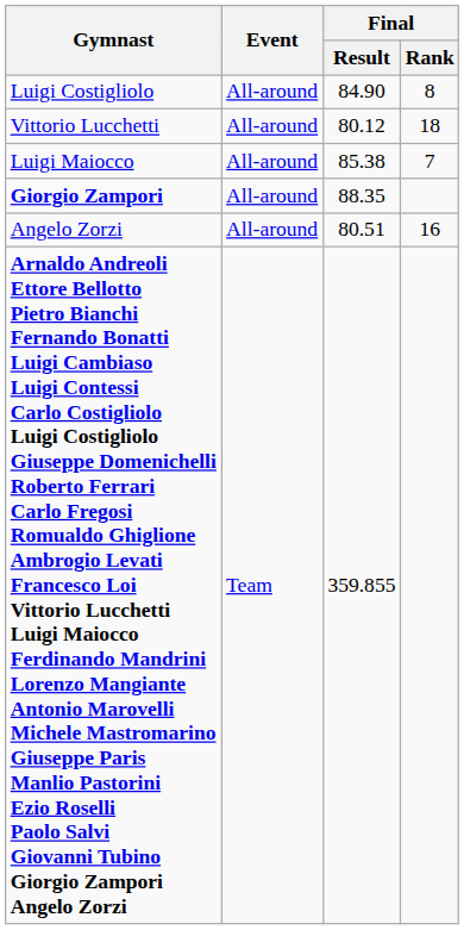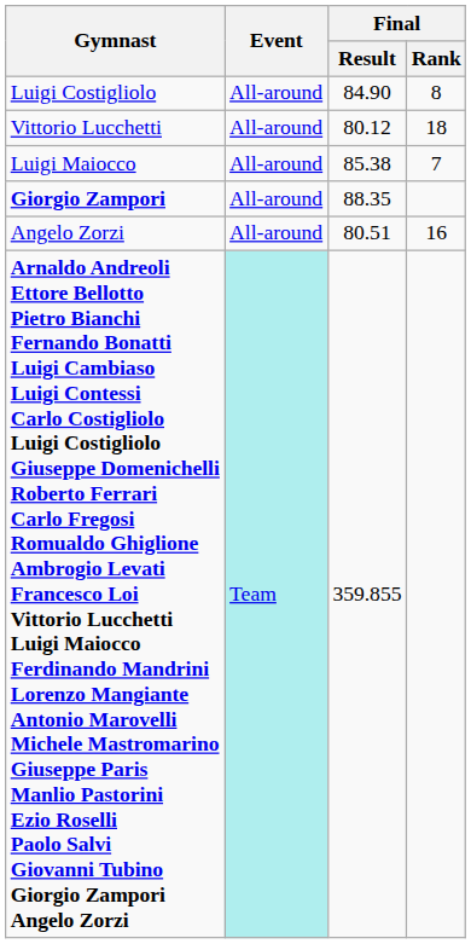 <table class=wikitable style="font-size:90%">
 <tr>
 <th rowspan=2>Gymnast</th>
 <th rowspan=2>Event</th>
 <th colspan=2>Final</th>
 </tr>
 <tr>
 <th>Result</th>
 <th>Rank</th>
 </tr>
 <tr>
 <td><a href='#'>Luigi Costigliolo</a></td>
 <td><a href='#'>All-around</a></td>
 <td align=center>84.90</td>
 <td align=center>8</td>
 </tr>
 <tr>
 <td><a href='#'>Vittorio Lucchetti</a></td>
 <td><a href='#'>All-around</a></td>
 <td align=center>80.12</td>
 <td align=center>18</td>
 </tr>
 <tr>
 <td><a href='#'>Luigi Maiocco</a></td>
 <td><a href='#'>All-around</a></td>
 <td align=center>85.38</td>
 <td align=center>7</td>
 </tr>
 <tr>
 <td><strong><a href='#'>Giorgio Zampori</a></strong></td>
 <td><a href='#'>All-around</a></td>
 <td align=center>88.35</td>
 <td align=center></td>
 </tr>
 <tr>
 <td><a href='#'>Angelo Zorzi</a></td>
 <td><a href='#'>All-around</a></td>
 <td align=center>80.51</td>
 <td align=center>16</td>
 </tr>
 <tr>
 <td><strong><a href='#'>Arnaldo Andreoli</a> <br> <a href='#'>Ettore Bellotto</a> <br> <a href='#'>Pietro Bianchi</a> <br> <a href='#'>Fernando Bonatti</a> <br> <a href='#'>Luigi Cambiaso</a> <br> <a href='#'>Luigi Contessi</a> <br> <a href='#'>Carlo Costigliolo</a> <br> Luigi Costigliolo <br> <a href='#'>Giuseppe Domenichelli</a> <br> <a href='#'>Roberto Ferrari</a> <br> <a href='#'>Carlo Fregosi</a> <br> <a href='#'>Romualdo Ghiglione</a> <br> <a href='#'>Ambrogio Levati</a> <br> <a href='#'>Francesco Loi</a> <br> Vittorio Lucchetti <br> Luigi Maiocco <br> <a href='#'>Ferdinando Mandrini</a> <br> <a href='#'>Lorenzo Mangiante</a> <br> <a href='#'>Antonio Marovelli</a> <br> <a href='#'>Michele Mastromarino</a> <br> <a href='#'>Giuseppe Paris</a> <br> <a href='#'>Manlio Pastorini</a> <br> <a href='#'>Ezio Roselli</a> <br> <a href='#'>Paolo Salvi</a> <br> <a href='#'>Giovanni Tubino</a> <br> Giorgio Zampori <br> Angelo Zorzi</strong></td>
-<td><a href='#'>Team</a></td>
+<td style="background: paleturquoise;"><a href='#'>Team</a></td>
 <td align=center>359.855</td>
 <td align=center></td>
 </tr>
 </table>
